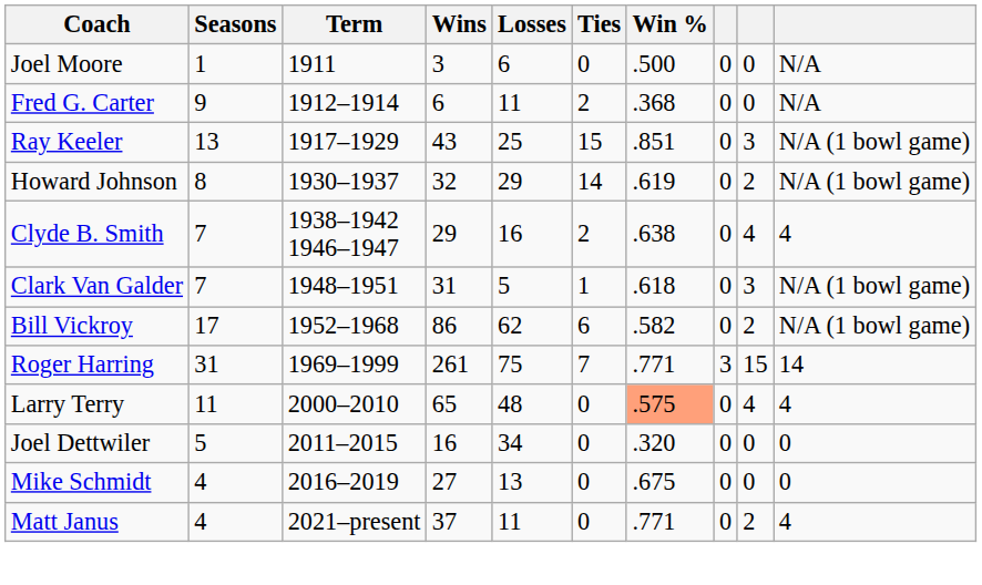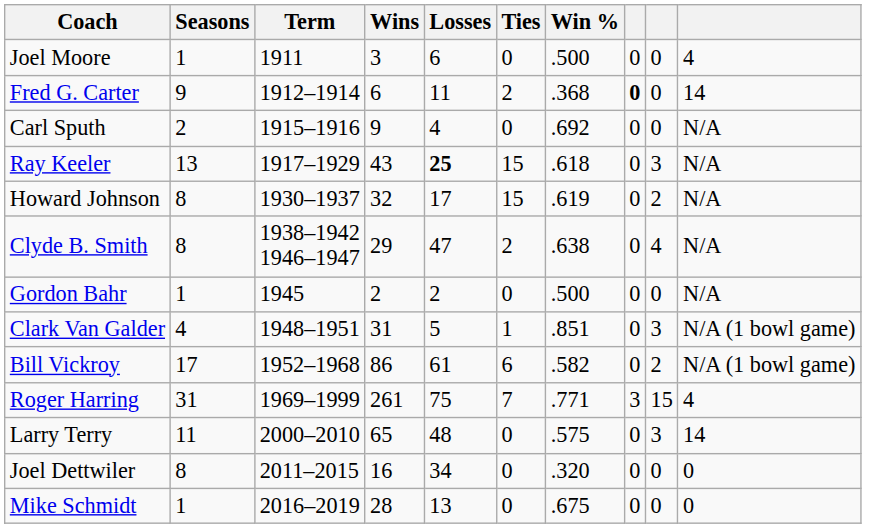 <table class="wikitable">
 <tr>
 <th width=px>Coach</th>
 <th width=px>Seasons</th>
 <th width=px>Term</th>
 <th width=px>Wins</th>
 <th width=px>Losses</th>
 <th width=px>Ties</th>
 <th width=px>Win %</th>
 <th width=px></th>
 <th width=px></th>
 <th width=px></th>
 </tr>
 <tr>
 <td>Joel Moore</td>
 <td>1</td>
 <td>1911</td>
 <td>3</td>
 <td>6</td>
 <td>0</td>
 <td>.500</td>
 <td>0</td>
 <td>0</td>
-<td>N/A</td>
+<td>4</td>
 </tr>
 <tr>
 <td><a href='#'>Fred G. Carter</a></td>
 <td>9</td>
 <td>1912–1914</td>
 <td>6</td>
 <td>11</td>
 <td>2</td>
 <td>.368</td>
+<td><strong>0</strong></td>
+<td>0</td>
+<td>14</td>
+</tr>
+<tr>
+<td>Carl Sputh</td>
+<td>2</td>
+<td>1915–1916</td>
+<td>9</td>
+<td>4</td>
+<td>0</td>
+<td>.692</td>
 <td>0</td>
 <td>0</td>
 <td>N/A</td>
 </tr>
 <tr>
 <td><a href='#'>Ray Keeler</a></td>
 <td>13</td>
 <td>1917–1929</td>
 <td>43</td>
-<td>25</td>
+<td><strong>25</strong></td>
 <td>15</td>
-<td>.851</td>
+<td>.618</td>
 <td>0</td>
 <td>3</td>
-<td>N/A (1 bowl game)</td>
+<td>N/A</td>
 </tr>
 <tr>
 <td>Howard Johnson</td>
 <td>8</td>
 <td>1930–1937</td>
 <td>32</td>
-<td>29</td>
-<td>14</td>
+<td>17</td>
+<td>15</td>
 <td>.619</td>
 <td>0</td>
 <td>2</td>
-<td>N/A (1 bowl game)</td>
+<td>N/A</td>
 </tr>
 <tr>
 <td><a href='#'>Clyde B. Smith</a></td>
-<td>7</td>
+<td>8</td>
 <td>1938–1942<br>1946–1947</td>
 <td>29</td>
-<td>16</td>
+<td>47</td>
 <td>2</td>
 <td>.638</td>
 <td>0</td>
 <td>4</td>
-<td>4</td>
+<td>N/A</td>
+</tr>
+<tr>
+<td><a href='#'>Gordon Bahr</a></td>
+<td>1</td>
+<td>1945</td>
+<td>2</td>
+<td>2</td>
+<td>0</td>
+<td>.500</td>
+<td>0</td>
+<td>0</td>
+<td>N/A</td>
 </tr>
 <tr>
 <td><a href='#'>Clark Van Galder</a></td>
-<td>7</td>
+<td>4</td>
 <td>1948–1951</td>
 <td>31</td>
 <td>5</td>
 <td>1</td>
-<td>.618</td>
+<td>.851</td>
 <td>0</td>
 <td>3</td>
 <td>N/A (1 bowl game)</td>
 </tr>
 <tr>
 <td><a href='#'>Bill Vickroy</a></td>
 <td>17</td>
 <td>1952–1968</td>
 <td>86</td>
-<td>62</td>
+<td>61</td>
 <td>6</td>
 <td>.582</td>
 <td>0</td>
 <td>2</td>
 <td>N/A (1 bowl game)</td>
 </tr>
 <tr>
 <td><a href='#'>Roger Harring</a></td>
 <td>31</td>
 <td>1969–1999</td>
 <td>261</td>
 <td>75</td>
 <td>7</td>
 <td>.771</td>
 <td>3</td>
 <td>15</td>
-<td>14</td>
+<td>4</td>
 </tr>
 <tr>
 <td>Larry Terry</td>
 <td>11</td>
 <td>2000–2010</td>
 <td>65</td>
 <td>48</td>
 <td>0</td>
-<td style="background: lightsalmon;">.575</td>
+<td>.575</td>
 <td>0</td>
-<td>4</td>
-<td>4</td>
+<td>3</td>
+<td>14</td>
 </tr>
 <tr>
 <td>Joel Dettwiler</td>
-<td>5</td>
+<td>8</td>
 <td>2011–2015</td>
 <td>16</td>
 <td>34</td>
 <td>0</td>
 <td>.320</td>
 <td>0</td>
 <td>0</td>
 <td>0</td>
 </tr>
 <tr>
 <td><a href='#'>Mike Schmidt</a></td>
-<td>4</td>
+<td>1</td>
 <td>2016–2019</td>
-<td>27</td>
+<td>28</td>
 <td>13</td>
 <td>0</td>
 <td>.675</td>
 <td>0</td>
 <td>0</td>
 <td>0</td>
 </tr>
-<tr>
-<td><a href='#'>Matt Janus</a></td>
-<td>4</td>
-<td>2021–present</td>
-<td>37</td>
-<td>11</td>
-<td>0</td>
-<td>.771</td>
-<td>0</td>
-<td>2</td>
-<td>4</td>
-</tr>
 </table>
